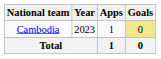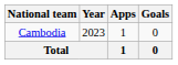 <table class="wikitable" style="text-align:center">
 <tr>
 <th>National team</th>
 <th>Year</th>
 <th>Apps</th>
 <th>Goals</th>
 </tr>
 <tr>
 <td rowspan="1"><a href='#'>Cambodia</a></td>
 <td>2023</td>
 <td>1</td>
-<td style="background: khaki;">0</td>
+<td>0</td>
 </tr>
 <tr>
 <th colspan=2>Total</th>
 <th>1</th>
 <th>0</th>
 </tr>
 </table>
